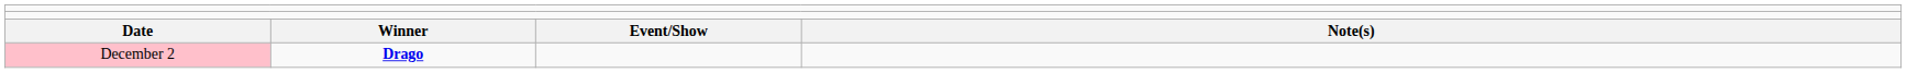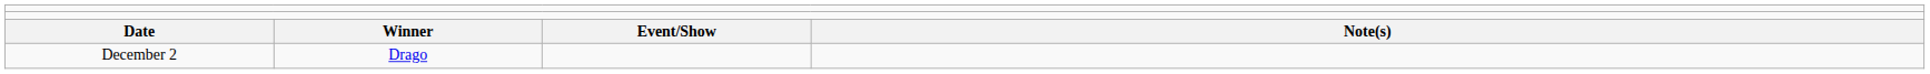 <table class="wikitable" style="text-align:center; width:100%;">
 <tr>
 <td colspan="5"></td>
 </tr>
 <tr>
 <td colspan="5"><strong></strong></td>
 </tr>
 <tr>
 <th width=14%>Date</th>
 <th width=14%>Winner</th>
 <th width=14%>Event/Show</th>
 <th width=58%>Note(s)</th>
 </tr>
 <tr>
-<td style="background: pink;">December 2</td>
-<td><strong><a href='#'>Drago</a></strong></td>
+<td>December 2</td>
+<td><a href='#'>Drago</a></td>
 <td></td>
 <td align=left></td>
 </tr>
 </table>
